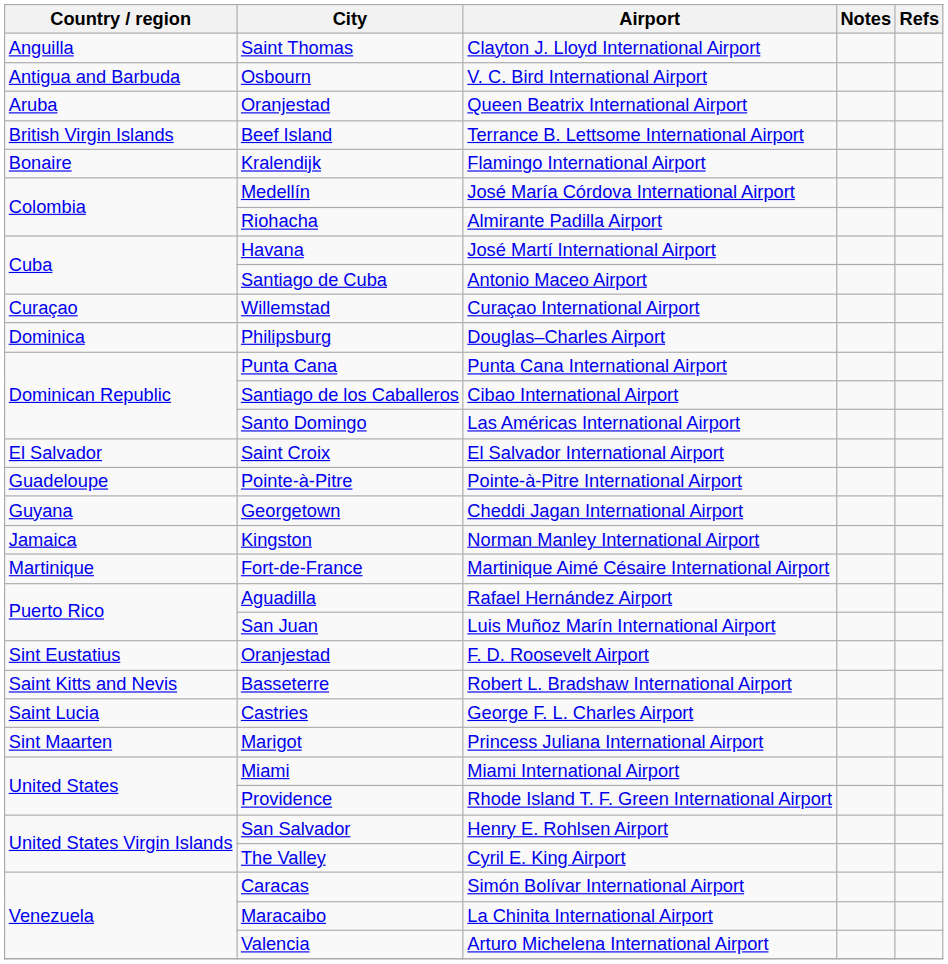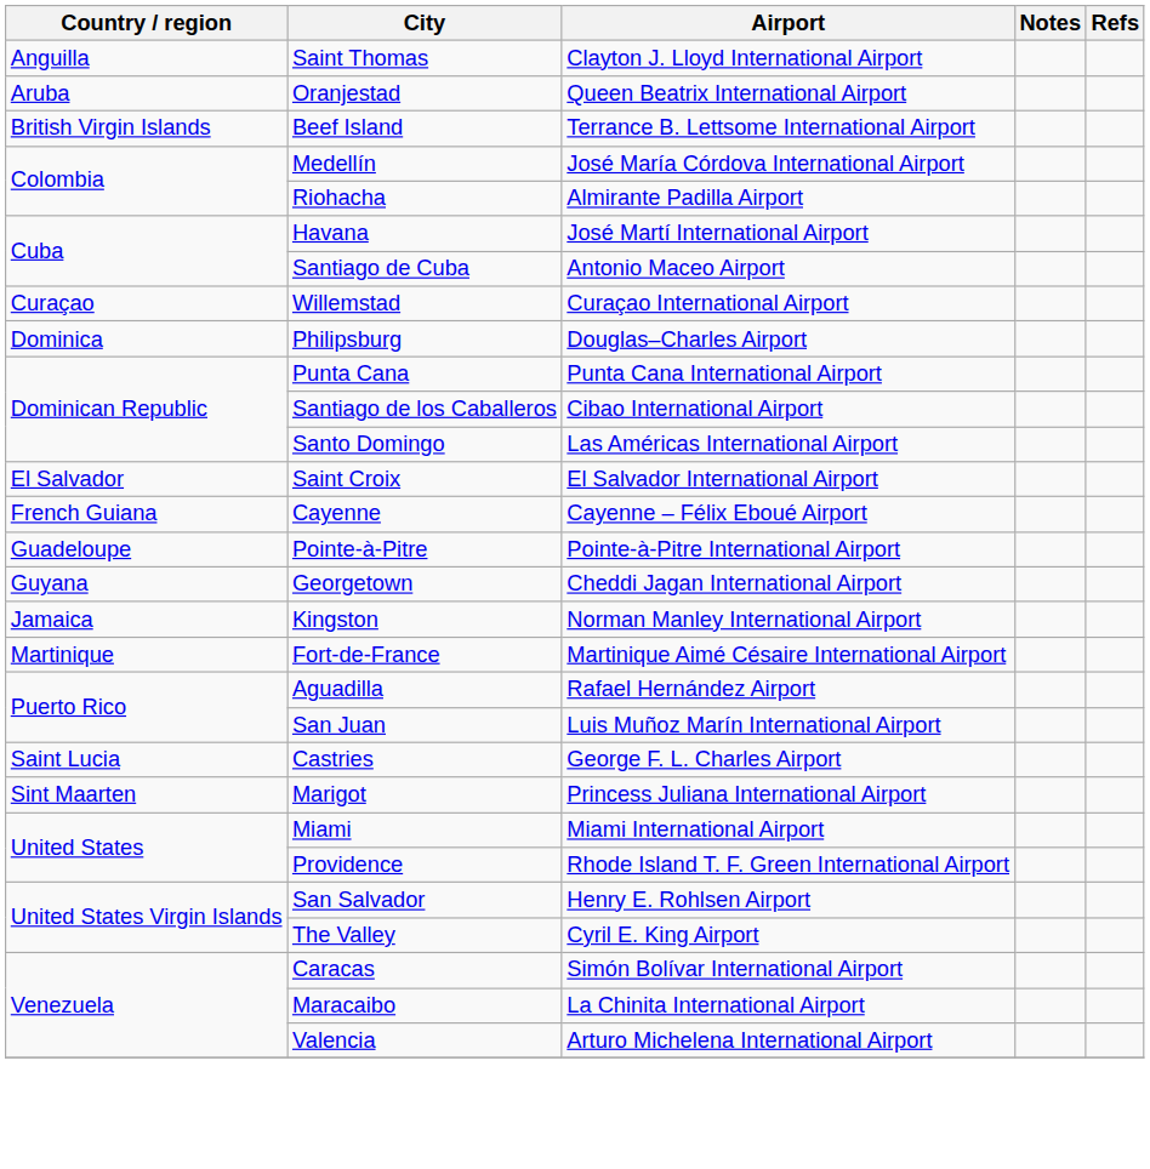 <table class="sortable wikitable">
 <tr>
 <th>Country / region</th>
 <th>City</th>
 <th>Airport</th>
 <th>Notes</th>
 <th class="unsortable">Refs</th>
 </tr>
 <tr>
 <td><a href='#'>Anguilla</a></td>
 <td><a href='#'>Saint Thomas</a></td>
 <td><a href='#'>Clayton J. Lloyd International Airport</a></td>
 <td align=center></td>
 <td></td>
 </tr>
 <tr>
-<td><a href='#'>Antigua and Barbuda</a></td>
-<td><a href='#'>Osbourn</a></td>
-<td><a href='#'>V. C. Bird International Airport</a></td>
-<td align=center></td>
-<td></td>
-</tr>
-<tr>
 <td><a href='#'>Aruba</a></td>
 <td><a href='#'>Oranjestad</a></td>
 <td><a href='#'>Queen Beatrix International Airport</a></td>
 <td align=center></td>
 <td></td>
 </tr>
 <tr>
 <td><a href='#'>British Virgin Islands</a></td>
 <td><a href='#'>Beef Island</a></td>
 <td><a href='#'>Terrance B. Lettsome International Airport</a></td>
 <td></td>
-<td></td>
-</tr>
-<tr>
-<td><a href='#'>Bonaire</a></td>
-<td><a href='#'>Kralendijk</a></td>
-<td><a href='#'>Flamingo International Airport</a></td>
-<td align=center></td>
 <td></td>
 </tr>
 <tr>
 <td rowspan=2><a href='#'>Colombia</a></td>
 <td><a href='#'>Medellín</a></td>
 <td><a href='#'>José María Córdova International Airport</a></td>
 <td></td>
 <td></td>
 </tr>
 <tr>
 <td><a href='#'>Riohacha</a></td>
 <td><a href='#'>Almirante Padilla Airport</a></td>
 <td></td>
 <td></td>
 </tr>
 <tr>
 <td rowspan=2><a href='#'>Cuba</a></td>
 <td><a href='#'>Havana</a></td>
 <td><a href='#'>José Martí International Airport</a></td>
 <td align=center></td>
 <td></td>
 </tr>
 <tr>
 <td><a href='#'>Santiago de Cuba</a></td>
 <td><a href='#'>Antonio Maceo Airport</a></td>
 <td align=center></td>
 <td></td>
 </tr>
 <tr>
 <td><a href='#'>Curaçao</a></td>
 <td><a href='#'>Willemstad</a></td>
 <td><a href='#'>Curaçao International Airport</a></td>
 <td align=center></td>
 <td></td>
 </tr>
 <tr>
 <td><a href='#'>Dominica</a></td>
 <td><a href='#'>Philipsburg</a></td>
 <td><a href='#'>Douglas–Charles Airport</a></td>
 <td></td>
 <td align=center></td>
 </tr>
 <tr>
 <td rowspan=3><a href='#'>Dominican Republic</a></td>
 <td><a href='#'>Punta Cana</a></td>
 <td><a href='#'>Punta Cana International Airport</a></td>
 <td align=center></td>
 <td></td>
 </tr>
 <tr>
 <td><a href='#'>Santiago de los Caballeros</a></td>
 <td><a href='#'>Cibao International Airport</a></td>
 <td></td>
 <td></td>
 </tr>
 <tr>
 <td><a href='#'>Santo Domingo</a></td>
 <td><a href='#'>Las Américas International Airport</a></td>
 <td></td>
 <td></td>
 </tr>
 <tr>
 <td><a href='#'>El Salvador</a></td>
 <td><a href='#'>Saint Croix</a></td>
 <td><a href='#'>El Salvador International Airport</a></td>
 <td></td>
 <td align=center></td>
 </tr>
 <tr>
+<td><a href='#'>French Guiana</a></td>
+<td><a href='#'>Cayenne</a></td>
+<td><a href='#'>Cayenne – Félix Eboué Airport</a></td>
+<td align=center></td>
+<td></td>
+</tr>
+<tr>
 <td><a href='#'>Guadeloupe</a></td>
 <td><a href='#'>Pointe-à-Pitre</a></td>
 <td><a href='#'>Pointe-à-Pitre International Airport</a></td>
 <td></td>
 <td align=center></td>
 </tr>
 <tr>
 <td><a href='#'>Guyana</a></td>
 <td><a href='#'>Georgetown</a></td>
 <td><a href='#'>Cheddi Jagan International Airport</a></td>
 <td></td>
 <td align=center></td>
 </tr>
 <tr>
 <td><a href='#'>Jamaica</a></td>
 <td><a href='#'>Kingston</a></td>
 <td><a href='#'>Norman Manley International Airport</a></td>
 <td></td>
 <td></td>
 </tr>
 <tr>
 <td><a href='#'>Martinique</a></td>
 <td><a href='#'>Fort-de-France</a></td>
 <td><a href='#'>Martinique Aimé Césaire International Airport</a></td>
 <td align=center></td>
 <td></td>
 </tr>
 <tr>
 <td rowspan=2><a href='#'>Puerto Rico</a></td>
 <td><a href='#'>Aguadilla</a></td>
 <td><a href='#'>Rafael Hernández Airport</a></td>
 <td align=center></td>
 <td align=center></td>
 </tr>
 <tr>
 <td><a href='#'>San Juan</a></td>
 <td><a href='#'>Luis Muñoz Marín International Airport</a></td>
 <td align=center></td>
 <td align=center></td>
-</tr>
-<tr>
-<td><a href='#'>Sint Eustatius</a></td>
-<td><a href='#'>Oranjestad</a></td>
-<td><a href='#'>F. D. Roosevelt Airport</a></td>
-<td></td>
-<td></td>
-</tr>
-<tr>
-<td><a href='#'>Saint Kitts and Nevis</a></td>
-<td><a href='#'>Basseterre</a></td>
-<td><a href='#'>Robert L. Bradshaw International Airport</a></td>
-<td align=center></td>
-<td></td>
 </tr>
 <tr>
 <td><a href='#'>Saint Lucia</a></td>
 <td><a href='#'>Castries</a></td>
 <td><a href='#'>George F. L. Charles Airport</a></td>
 <td></td>
 <td></td>
 </tr>
 <tr>
 <td><a href='#'>Sint Maarten</a></td>
 <td><a href='#'>Marigot</a></td>
 <td><a href='#'>Princess Juliana International Airport</a></td>
 <td align=center></td>
 <td></td>
 </tr>
 <tr>
 <td rowspan=2><a href='#'>United States</a></td>
 <td><a href='#'>Miami</a></td>
 <td><a href='#'>Miami International Airport</a></td>
 <td align=center></td>
 <td align=center></td>
 </tr>
 <tr>
 <td><a href='#'>Providence</a></td>
 <td><a href='#'>Rhode Island T. F. Green International Airport</a></td>
 <td></td>
 <td align=center></td>
 </tr>
 <tr>
 <td rowspan=2><a href='#'>United States Virgin Islands</a></td>
 <td><a href='#'>San Salvador</a></td>
 <td><a href='#'>Henry E. Rohlsen Airport</a></td>
 <td align=center></td>
 <td align=center></td>
 </tr>
 <tr>
 <td><a href='#'>The Valley</a></td>
 <td><a href='#'>Cyril E. King Airport</a></td>
 <td align=center></td>
 <td align=center></td>
 </tr>
 <tr>
 <td rowspan=3><a href='#'>Venezuela</a></td>
 <td><a href='#'>Caracas</a></td>
 <td><a href='#'>Simón Bolívar International Airport</a></td>
 <td></td>
 <td align=center></td>
 </tr>
 <tr>
 <td><a href='#'>Maracaibo</a></td>
 <td><a href='#'>La Chinita International Airport</a></td>
 <td></td>
 <td align=center></td>
 </tr>
 <tr>
 <td><a href='#'>Valencia</a></td>
 <td><a href='#'>Arturo Michelena International Airport</a></td>
 <td></td>
 <td align=center></td>
 </tr>
 <tr>
 </tr>
 </table>
